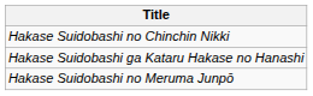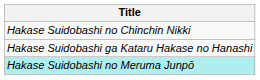 <table class="wikitable">
 <tr>
 <th>Title</th>
 </tr>
 <tr>
 <td><em>Hakase Suidobashi no Chinchin Nikki</em></td>
 </tr>
 <tr>
 <td><em>Hakase Suidobashi ga Kataru Hakase no Hanashi</em></td>
 </tr>
 <tr>
-<td><em>Hakase Suidobashi no Meruma Junpō</em></td>
+<td style="background: paleturquoise;"><em>Hakase Suidobashi no Meruma Junpō</em></td>
 </tr>
 </table>
